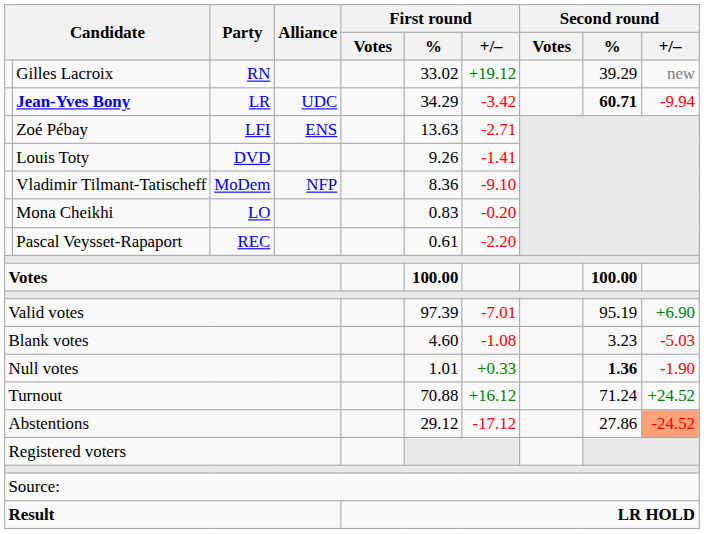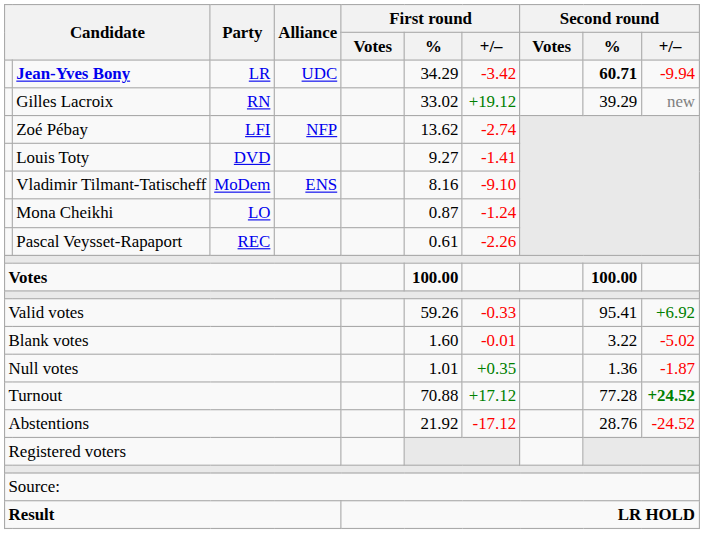 <table class="wikitable" style="text-align:right;font-size:95%;">
 <tr>
 <th rowspan="2" colspan="2">Candidate</th>
 <th colspan="1" rowspan="2">Party</th>
 <th colspan="1" rowspan="2">Alliance</th>
 <th colspan="3">First round</th>
 <th colspan="3">Second round</th>
 </tr>
 <tr>
 <th style="width:50px;">Votes</th>
 <th style="width:45px;">%</th>
 <th style="width:45px;">+/–</th>
 <th style="width:50px;">Votes</th>
 <th style="width:45px;">%</th>
 <th style="width:45px;">+/–</th>
 </tr>
 <tr>
 <td style="color:inherit;background:"></td>
+<td style="text-align:left;"><strong><a href='#'>Jean-Yves Bony</a></strong></td>
+<td><a href='#'>LR</a></td>
+<td><a href='#'>UDC</a></td>
+<td></td>
+<td>34.29</td>
+<td style="color:red;">-3.42</td>
+<td><strong></strong></td>
+<td><strong>60.71</strong></td>
+<td style="color:red;">-9.94</td>
+</tr>
+<tr>
+<td style="color:inherit;background:"></td>
 <td style="text-align:left;">Gilles Lacroix</td>
 <td><a href='#'>RN</a></td>
 <td></td>
 <td></td>
 <td>33.02</td>
 <td style="color:green;">+19.12</td>
 <td></td>
 <td>39.29</td>
 <td style="color:grey;">new</td>
 </tr>
 <tr>
 <td style="color:inherit;background:"></td>
-<td style="text-align:left;"><strong><a href='#'>Jean-Yves Bony</a></strong></td>
-<td><a href='#'>LR</a></td>
-<td><a href='#'>UDC</a></td>
-<td></td>
-<td>34.29</td>
-<td style="color:red;">-3.42</td>
-<td><strong></strong></td>
-<td><strong>60.71</strong></td>
-<td style="color:red;">-9.94</td>
-</tr>
-<tr>
-<td style="color:inherit;background:"></td>
 <td style="text-align:left;">Zoé Pébay</td>
 <td><a href='#'>LFI</a></td>
-<td><a href='#'>ENS</a></td>
+<td><a href='#'>NFP</a></td>
 <td></td>
-<td>13.63</td>
-<td style="color:red;">-2.71</td>
+<td>13.62</td>
+<td style="color:red;">-2.74</td>
 <td colspan="3" rowspan="5" style="background:#E9E9E9;"></td>
 </tr>
 <tr>
 <td style="color:inherit;background:"></td>
 <td style="text-align:left;">Louis Toty</td>
 <td><a href='#'>DVD</a></td>
 <td></td>
 <td></td>
-<td>9.26</td>
+<td>9.27</td>
 <td style="color:red;">-1.41</td>
 </tr>
 <tr>
 <td style="color:inherit;background:"></td>
 <td style="text-align:left;">Vladimir Tilmant-Tatischeff</td>
 <td><a href='#'>MoDem</a></td>
-<td><a href='#'>NFP</a></td>
+<td><a href='#'>ENS</a></td>
 <td></td>
-<td>8.36</td>
+<td>8.16</td>
 <td style="color:red;">-9.10</td>
 </tr>
 <tr>
 <td style="color:inherit;background:"></td>
 <td style="text-align:left;">Mona Cheikhi</td>
 <td><a href='#'>LO</a></td>
 <td></td>
 <td></td>
-<td>0.83</td>
-<td style="color:red;">-0.20</td>
+<td>0.87</td>
+<td style="color:red;">-1.24</td>
 </tr>
 <tr>
 <td style="color:inherit;background:"></td>
 <td style="text-align:left;">Pascal Veysset-Rapaport</td>
 <td><a href='#'>REC</a></td>
 <td></td>
 <td></td>
 <td>0.61</td>
-<td style="color:red;">-2.20</td>
+<td style="color:red;">-2.26</td>
 </tr>
 <tr>
 <td colspan="10" style="background:#E9E9E9;"></td>
 </tr>
 <tr style="font-weight:bold;">
 <td colspan="4" style="text-align:left;">Votes</td>
 <td></td>
 <td>100.00</td>
 <td></td>
 <td></td>
 <td>100.00</td>
 <td></td>
 </tr>
 <tr>
 <td colspan="10" style="background:#E9E9E9;"></td>
 </tr>
 <tr>
 <td colspan="4" style="text-align:left;">Valid votes</td>
 <td></td>
-<td>97.39</td>
-<td style="color:red;">-7.01</td>
+<td>59.26</td>
+<td style="color:red;">-0.33</td>
 <td></td>
-<td>95.19</td>
-<td style="color:green;">+6.90</td>
+<td>95.41</td>
+<td style="color:green;">+6.92</td>
 </tr>
 <tr>
 <td colspan="4" style="text-align:left;">Blank votes</td>
 <td></td>
-<td>4.60</td>
-<td style="color:red;">-1.08</td>
+<td>1.60</td>
+<td style="color:red;">-0.01</td>
 <td></td>
-<td>3.23</td>
-<td style="color:red;">-5.03</td>
+<td>3.22</td>
+<td style="color:red;">-5.02</td>
 </tr>
 <tr>
 <td colspan="4" style="text-align:left;">Null votes</td>
 <td></td>
 <td>1.01</td>
-<td style="color:green;">+0.33</td>
+<td style="color:green;">+0.35</td>
 <td></td>
-<td><strong>1.36</strong></td>
-<td style="color:red;">-1.90</td>
+<td>1.36</td>
+<td style="color:red;">-1.87</td>
 </tr>
 <tr>
 <td colspan="4" style="text-align:left;">Turnout</td>
 <td></td>
 <td>70.88</td>
-<td style="color:green;">+16.12</td>
+<td style="color:green;">+17.12</td>
 <td></td>
-<td>71.24</td>
-<td style="color:green;">+24.52</td>
+<td>77.28</td>
+<td style="color:green;"><strong>+24.52</strong></td>
 </tr>
 <tr>
 <td colspan="4" style="text-align:left;">Abstentions</td>
 <td></td>
-<td>29.12</td>
+<td>21.92</td>
 <td style="color:red;">-17.12</td>
 <td></td>
-<td>27.86</td>
-<td style="background: lightsalmon; color:red;">-24.52</td>
+<td>28.76</td>
+<td style="color:red;">-24.52</td>
 </tr>
 <tr>
 <td colspan="4" style="text-align:left;">Registered voters</td>
 <td></td>
 <td colspan="2" style="background:#E9E9E9;"></td>
 <td></td>
 <td colspan="2" style="background:#E9E9E9;"></td>
 </tr>
 <tr>
 <td colspan="10" style="background:#E9E9E9;"></td>
 </tr>
 <tr>
 <td colspan="10" style="text-align:left;">Source: </td>
 </tr>
 <tr style="font-weight:bold">
 <td colspan="4" style="text-align:left;">Result</td>
 <td colspan="6" style="background-color:">LR HOLD</td>
 </tr>
 </table>
